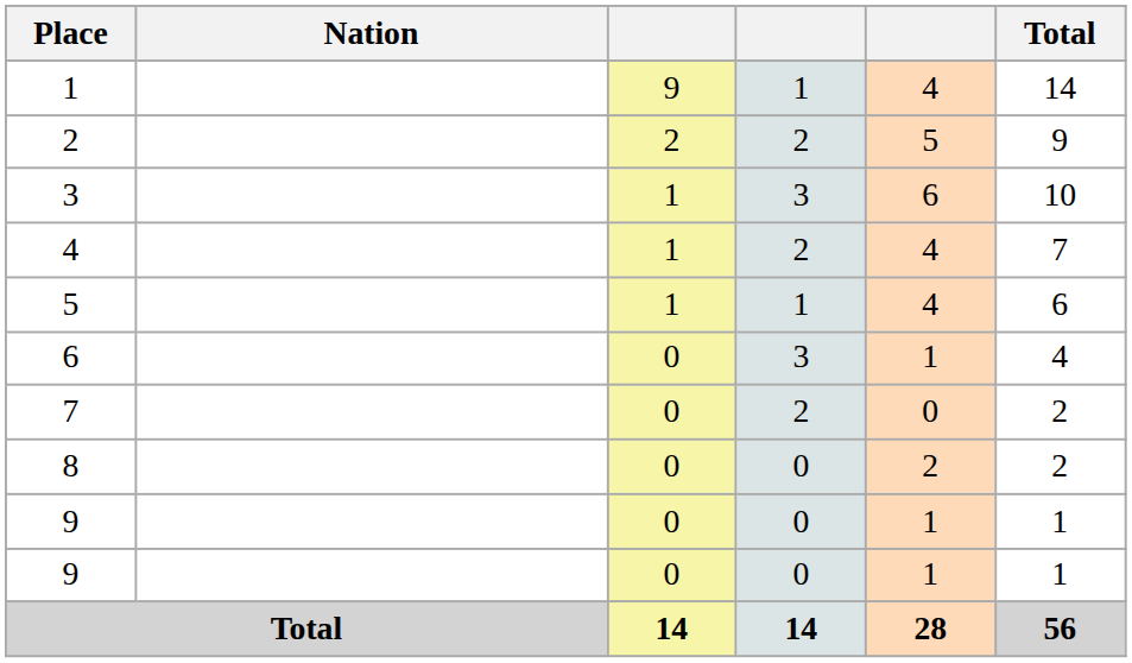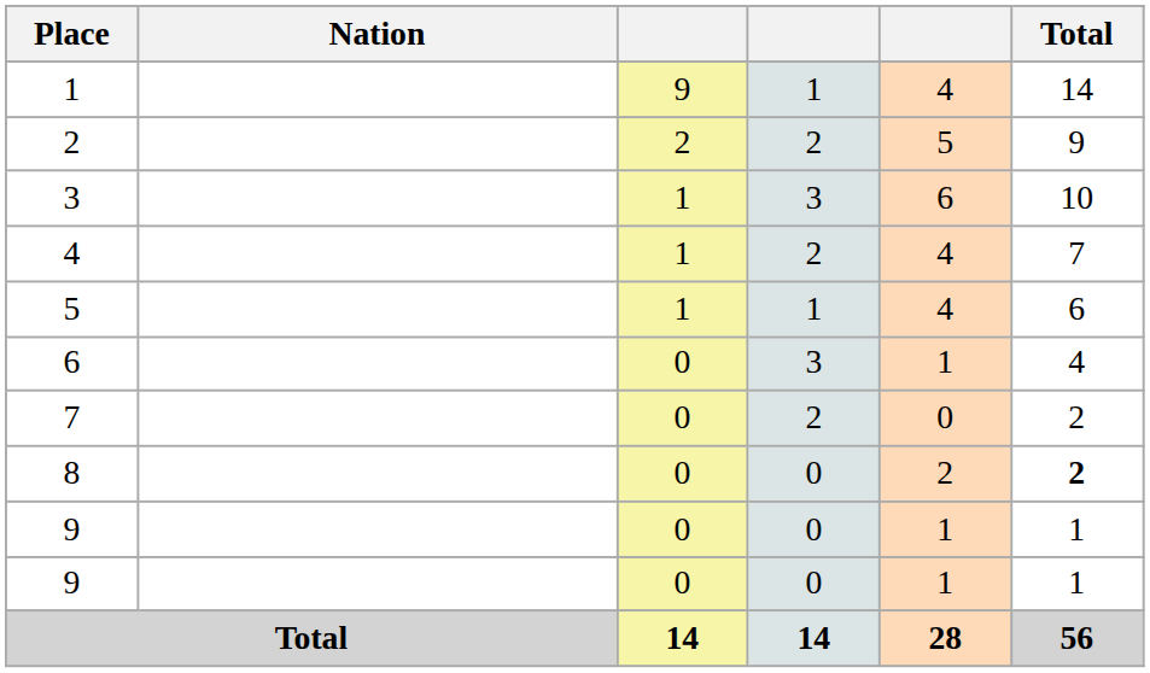 <table class=wikitable style="border:1px solid #AAAAAA;font-size:90%">
 <tr bgcolor="#EFEFEF">
 <th width=50>Place</th>
 <th width=200>Nation</th>
 <th width=50></th>
 <th width=50></th>
 <th width=50></th>
 <th width=50>Total</th>
 </tr>
 <tr align="center" valign="top" bgcolor="#FFFFFF">
 <td>1</td>
 <td align="left"></td>
 <td style="background:#F7F6A8;">9</td>
 <td style="background:#DCE5E5;">1</td>
 <td style="background:#FFDAB9;">4</td>
 <td>14</td>
 </tr>
 <tr align="center" valign="top" bgcolor="#FFFFFF">
 <td>2</td>
 <td align="left"></td>
 <td style="background:#F7F6A8;">2</td>
 <td style="background:#DCE5E5;">2</td>
 <td style="background:#FFDAB9;">5</td>
 <td>9</td>
 </tr>
 <tr align="center" valign="top" bgcolor="#FFFFFF">
 <td>3</td>
 <td align="left"></td>
 <td style="background:#F7F6A8;">1</td>
 <td style="background:#DCE5E5;">3</td>
 <td style="background:#FFDAB9;">6</td>
 <td>10</td>
 </tr>
 <tr align="center" valign="top" bgcolor="#FFFFFF">
 <td>4</td>
 <td align="left"></td>
 <td style="background:#F7F6A8;">1</td>
 <td style="background:#DCE5E5;">2</td>
 <td style="background:#FFDAB9;">4</td>
 <td>7</td>
 </tr>
 <tr align="center" valign="top" bgcolor="#FFFFFF">
 <td>5</td>
 <td align="left"></td>
 <td style="background:#F7F6A8;">1</td>
 <td style="background:#DCE5E5;">1</td>
 <td style="background:#FFDAB9;">4</td>
 <td>6</td>
 </tr>
 <tr align="center" valign="top" bgcolor="#FFFFFF">
 <td>6</td>
 <td align="left"></td>
 <td style="background:#F7F6A8;">0</td>
 <td style="background:#DCE5E5;">3</td>
 <td style="background:#FFDAB9;">1</td>
 <td>4</td>
 </tr>
 <tr align="center" valign="top" bgcolor="#FFFFFF">
 <td>7</td>
 <td align="left"></td>
 <td style="background:#F7F6A8;">0</td>
 <td style="background:#DCE5E5;">2</td>
 <td style="background:#FFDAB9;">0</td>
 <td>2</td>
 </tr>
 <tr align="center" valign="top" bgcolor="#FFFFFF">
 <td>8</td>
 <td align="left"></td>
 <td style="background:#F7F6A8;">0</td>
 <td style="background:#DCE5E5;">0</td>
 <td style="background:#FFDAB9;">2</td>
-<td>2</td>
+<td><strong>2</strong></td>
 </tr>
 <tr align="center" valign="top" bgcolor="#FFFFFF">
 <td>9</td>
 <td align="left"></td>
 <td style="background:#F7F6A8;">0</td>
 <td style="background:#DCE5E5;">0</td>
 <td style="background:#FFDAB9;">1</td>
 <td>1</td>
 </tr>
 <tr align="center" valign="top" bgcolor="#FFFFFF">
 <td>9</td>
 <td align="left"></td>
 <td style="background:#F7F6A8;">0</td>
 <td style="background:#DCE5E5;">0</td>
 <td style="background:#FFDAB9;">1</td>
 <td>1</td>
 </tr>
 <tr align="center">
 <td colspan="2" bgcolor=D3D3D3><strong>Total</strong></td>
 <td style="background:#F7F6A8;"><strong>14</strong></td>
 <td style="background:#DCE5E5;"><strong>14</strong></td>
 <td style="background:#FFDAB9;"><strong>28</strong></td>
 <td bgcolor=D3D3D3><strong>56</strong></td>
 </tr>
 </table>
